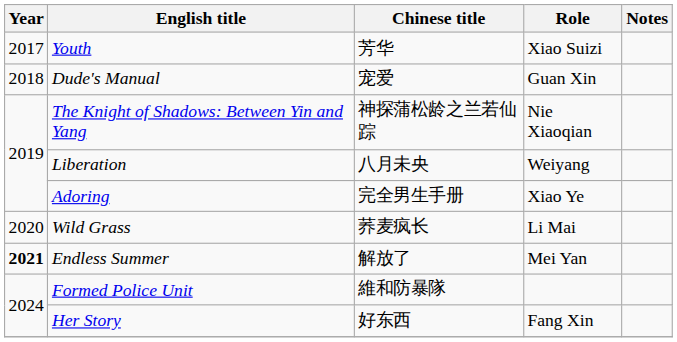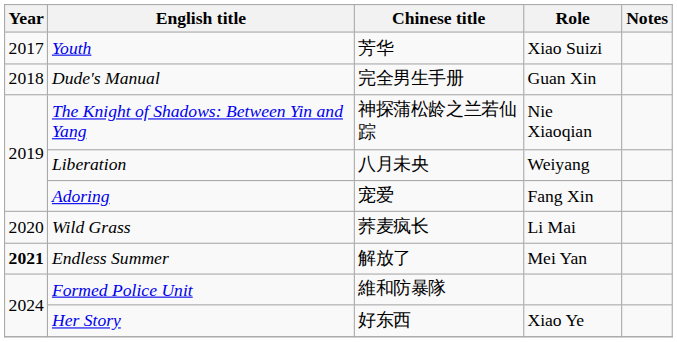 <table class="wikitable">
 <tr>
 <th width=10>Year</th>
 <th>English title</th>
 <th>Chinese title</th>
 <th>Role</th>
 <th>Notes</th>
 </tr>
 <tr>
 <td>2017</td>
 <td><em><a href='#'>Youth</a></em></td>
 <td>芳华</td>
 <td>Xiao Suizi</td>
 <td></td>
 </tr>
 <tr>
 <td>2018</td>
 <td><em>Dude's Manual</em></td>
-<td>宠爱</td>
+<td>完全男生手册</td>
 <td>Guan Xin</td>
 <td></td>
 </tr>
 <tr>
 <td rowspan=3>2019</td>
 <td><em><a href='#'>The Knight of Shadows: Between Yin and Yang</a></em></td>
 <td>神探蒲松龄之兰若仙踪</td>
 <td>Nie Xiaoqian</td>
 <td></td>
 </tr>
 <tr>
 <td><em>Liberation</em></td>
 <td>八月未央</td>
 <td>Weiyang</td>
 <td></td>
 </tr>
 <tr>
 <td><em><a href='#'>Adoring</a></em></td>
-<td>完全男生手册</td>
-<td>Xiao Ye</td>
+<td>宠爱</td>
+<td>Fang Xin</td>
 <td></td>
 </tr>
 <tr>
 <td>2020</td>
 <td><em>Wild Grass</em></td>
 <td>荞麦疯长</td>
 <td>Li Mai</td>
 <td></td>
 </tr>
 <tr>
 <td><strong>2021</strong></td>
 <td><em>Endless Summer</em></td>
 <td>解放了</td>
 <td>Mei Yan</td>
 <td></td>
 </tr>
 <tr>
 <td rowspan=2>2024</td>
 <td><em><a href='#'>Formed Police Unit</a></em></td>
 <td>維和防暴隊</td>
 <td></td>
 <td></td>
 </tr>
 <tr>
 <td><em><a href='#'>Her Story</a></em></td>
 <td>好东西</td>
-<td>Fang Xin</td>
+<td>Xiao Ye</td>
 <td></td>
 </tr>
 <tr>
 </tr>
 </table>
